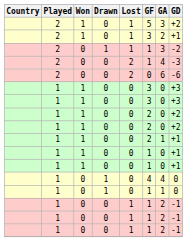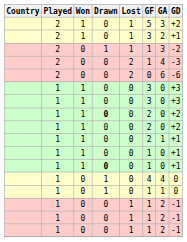 <table class="wikitable sortable" style="border: 1px #aaa solid;">
 <tr bgcolor="b0c4de">
 <th>Country</th>
 <th>Played</th>
 <th>Won</th>
 <th>Drawn</th>
 <th>Lost</th>
 <th>GF</th>
 <th>GA</th>
 <th>GD</th>
 </tr>
 <tr bgcolor="#FFFFCC">
 <td></td>
 <td align="center">2</td>
 <td align="center">1</td>
 <td align="center">0</td>
 <td align="center">1</td>
 <td align="center">5</td>
 <td align="center">3</td>
 <td align="center"><span>+2</span></td>
 </tr>
 <tr bgcolor="#FFFFCC">
 <td></td>
 <td align="center">2</td>
 <td align="center">1</td>
 <td align="center">0</td>
 <td align="center">1</td>
 <td align="center">3</td>
 <td align="center">2</td>
 <td align="center"><span>+1</span></td>
 </tr>
 <tr bgcolor="#FFCCCC">
 <td></td>
 <td align="center">2</td>
 <td align="center">0</td>
 <td align="center">1</td>
 <td align="center">1</td>
 <td align="center">1</td>
 <td align="center">3</td>
 <td align="center"><span>-2</span></td>
 </tr>
 <tr bgcolor="#FFCCCC">
 <td></td>
 <td align="center">2</td>
 <td align="center">0</td>
 <td align="center">0</td>
 <td align="center">2</td>
 <td align="center">1</td>
 <td align="center">4</td>
 <td align="center"><span>-3</span></td>
 </tr>
 <tr bgcolor="#FFCCCC">
 <td></td>
 <td align="center">2</td>
 <td align="center">0</td>
 <td align="center">0</td>
 <td align="center">2</td>
 <td align="center">0</td>
 <td align="center">6</td>
 <td align="center"><span>-6</span></td>
 </tr>
 <tr bgcolor="#CCFFCC">
 <td></td>
 <td align="center">1</td>
 <td align="center">1</td>
 <td align="center">0</td>
 <td align="center">0</td>
 <td align="center">3</td>
 <td align="center">0</td>
 <td align="center"><span>+3</span></td>
 </tr>
 <tr bgcolor="#CCFFCC">
 <td></td>
 <td align="center">1</td>
 <td align="center">1</td>
 <td align="center">0</td>
 <td align="center">0</td>
 <td align="center">3</td>
 <td align="center">0</td>
 <td align="center"><span>+3</span></td>
 </tr>
 <tr bgcolor="#CCFFCC">
 <td></td>
 <td align="center">1</td>
 <td align="center">1</td>
-<td align="center">0</td>
+<td align="center"><strong>0</strong></td>
 <td align="center">0</td>
 <td align="center">2</td>
 <td align="center">0</td>
 <td align="center"><span>+2</span></td>
 </tr>
 <tr bgcolor="#CCFFCC">
 <td></td>
 <td align="center">1</td>
 <td align="center">1</td>
 <td align="center">0</td>
 <td align="center">0</td>
 <td align="center">2</td>
 <td align="center">0</td>
 <td align="center"><span>+2</span></td>
 </tr>
 <tr bgcolor="#CCFFCC">
 <td></td>
 <td align="center">1</td>
 <td align="center">1</td>
 <td align="center">0</td>
 <td align="center">0</td>
 <td align="center">2</td>
 <td align="center">1</td>
 <td align="center"><span>+1</span></td>
 </tr>
 <tr bgcolor="#CCFFCC">
 <td></td>
 <td align="center">1</td>
 <td align="center">1</td>
 <td align="center">0</td>
 <td align="center">0</td>
 <td align="center">1</td>
 <td align="center">0</td>
 <td align="center"><span>+1</span></td>
 </tr>
 <tr bgcolor="#CCFFCC">
 <td></td>
 <td align="center">1</td>
 <td align="center">1</td>
-<td align="center">0</td>
+<td align="center"><strong>0</strong></td>
 <td align="center">0</td>
 <td align="center">1</td>
 <td align="center">0</td>
 <td align="center"><span>+1</span></td>
 </tr>
 <tr bgcolor="#FFFFCC">
 <td></td>
 <td align="center">1</td>
 <td align="center">0</td>
 <td align="center">1</td>
 <td align="center">0</td>
 <td align="center">4</td>
 <td align="center">4</td>
 <td align="center"><span>0</span></td>
 </tr>
 <tr bgcolor="#FFFFCC">
 <td></td>
 <td align="center">1</td>
 <td align="center">0</td>
 <td align="center">1</td>
 <td align="center">0</td>
 <td align="center">1</td>
 <td align="center">1</td>
 <td align="center"><span>0</span></td>
 </tr>
 <tr bgcolor="#FFCCCC">
 <td></td>
 <td align="center">1</td>
 <td align="center">0</td>
 <td align="center">0</td>
 <td align="center">1</td>
 <td align="center">1</td>
 <td align="center">2</td>
 <td align="center"><span>-1</span></td>
 </tr>
 <tr bgcolor="#FFCCCC">
 <td></td>
 <td align="center">1</td>
 <td align="center">0</td>
 <td align="center">0</td>
 <td align="center">1</td>
 <td align="center">1</td>
 <td align="center">2</td>
 <td align="center"><span>-1</span></td>
 </tr>
 <tr bgcolor="#FFCCCC">
 <td></td>
 <td align="center">1</td>
 <td align="center">0</td>
 <td align="center">0</td>
 <td align="center">1</td>
 <td align="center">1</td>
 <td align="center">2</td>
 <td align="center"><span>-1</span></td>
 </tr>
 <tr bgcolor="#f9f9f9">
 </tr>
 </table>
